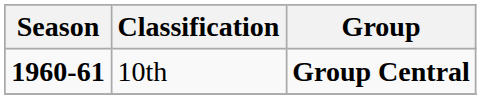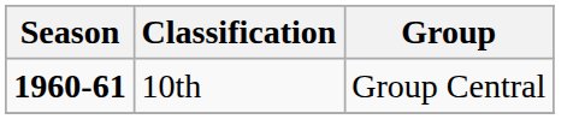 <table class="wikitable">
 <tr>
 <th>Season</th>
 <th>Classification</th>
 <th colspan="2">Group</th>
 </tr>
 <tr>
 <td align="center"><strong>1960-61</strong></td>
 <td>10th</td>
-<td><strong>Group Central</strong></td>
+<td>Group Central</td>
 </tr>
 <tr>
 </tr>
 </table>
